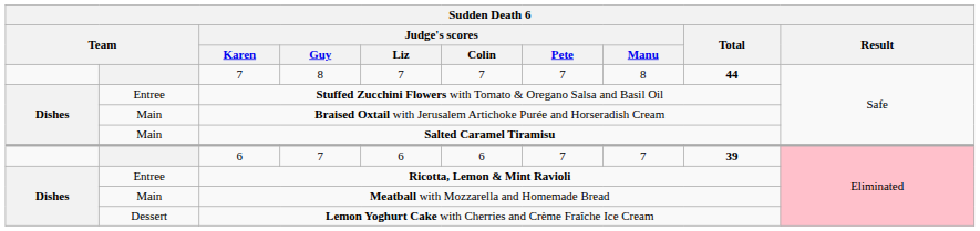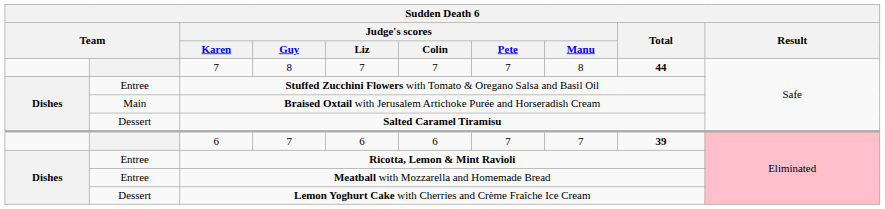 <table class="wikitable plainrowheaders" style="margin: 1em auto; text-align:center; font-size:90%; width:80em;">
 <tr>
 <th colspan="10" >Sudden Death 6</th>
 </tr>
 <tr>
 <th rowspan="2" style="width:20%;" colspan="2">Team</th>
 <th colspan="6" style="width:50%;">Judge's scores</th>
 <th rowspan="2" style="width:10%;">Total<br></th>
 <th rowspan="2" style="width:20%;">Result</th>
 </tr>
 <tr>
 <th style="width:50px;"><a href='#'>Karen</a></th>
 <th style="width:50px;"><a href='#'>Guy</a></th>
 <th style="width:50px;">Liz</th>
 <th style="width:50px;">Colin</th>
 <th style="width:50px;"><a href='#'>Pete</a></th>
 <th style="width:50px;"><a href='#'>Manu</a></th>
 </tr>
 <tr>
 <td></td>
 <th style="text-align:centre"></th>
 <td>7</td>
 <td>8</td>
 <td>7</td>
 <td>7</td>
 <td>7</td>
 <td>8</td>
 <td><strong>44</strong></td>
 <td rowspan="4">Safe</td>
 </tr>
 <tr>
 <th rowspan="3">Dishes</th>
 <td>Entree</td>
 <td colspan="7"><strong>Stuffed Zucchini Flowers</strong> with Tomato & Oregano Salsa and Basil Oil</td>
 </tr>
 <tr>
 <td>Main</td>
 <td colspan="7"><strong>Braised Oxtail</strong> with Jerusalem Artichoke Purée and Horseradish Cream</td>
 </tr>
 <tr>
-<td>Main</td>
+<td>Dessert</td>
 <td colspan="7"><strong>Salted Caramel Tiramisu</strong></td>
 </tr>
 <tr style="border-top:3px solid #aaa;">
 <td></td>
 <th style="text-align:centre"></th>
 <td>6</td>
 <td>7</td>
 <td>6</td>
 <td>6</td>
 <td>7</td>
 <td>7</td>
 <td><strong>39</strong></td>
 <td rowspan="4" style="background:pink">Eliminated</td>
 </tr>
 <tr>
 <th rowspan="3">Dishes</th>
 <td>Entree</td>
 <td colspan="7"><strong>Ricotta, Lemon & Mint Ravioli</strong></td>
 </tr>
 <tr>
-<td>Main</td>
+<td>Entree</td>
 <td colspan="7"><strong>Meatball</strong> with Mozzarella and Homemade Bread</td>
 </tr>
 <tr>
 <td>Dessert</td>
 <td colspan="7"><strong>Lemon Yoghurt Cake</strong> with Cherries and Crème Fraîche Ice Cream</td>
 </tr>
 </table>
